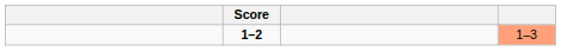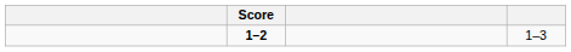 <table class="wikitable" style="text-align: center; ">
 <tr>
 <th align="right" width="270"></th>
 <th width="65">Score</th>
 <th align="left" width="270"></th>
 <th width="65"></th>
 </tr>
 <tr>
 <td align="left"></td>
 <td><strong>1–2</strong></td>
 <td align="left"><strong></strong></td>
-<td style="background: lightsalmon;">1–3 <strong></strong></td>
+<td>1–3 <strong></strong></td>
 </tr>
 </table>
